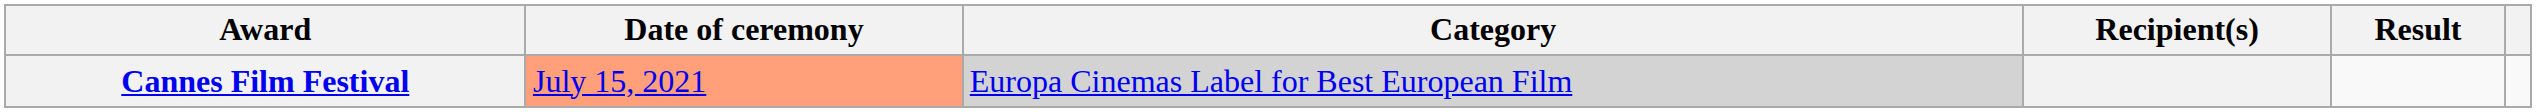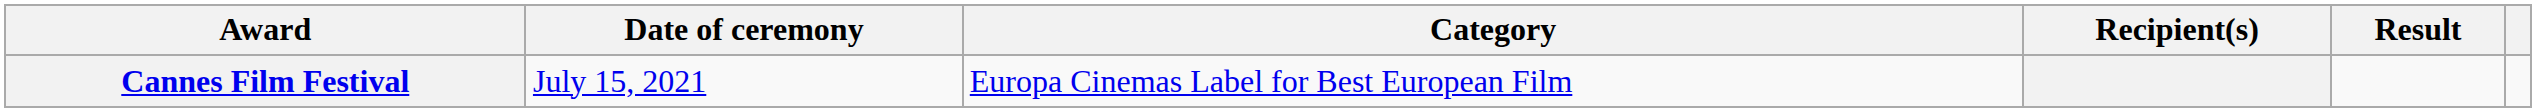 <table class="wikitable sortable plainrowheaders" style="width:100%;">
 <tr>
 <th scope="col">Award</th>
 <th scope="col">Date of ceremony</th>
 <th scope="col">Category</th>
 <th scope="col">Recipient(s)</th>
 <th scope="col">Result</th>
 <th scope="col" class="unsortable"></th>
 </tr>
 <tr>
 <th scope="row"><a href='#'>Cannes Film Festival</a></th>
-<td style="background: lightsalmon;"><a href='#'>July 15, 2021</a></td>
-<td style="background: lightgrey;"><a href='#'>Europa Cinemas Label for Best European Film</a></td>
+<td><a href='#'>July 15, 2021</a></td>
+<td><a href='#'>Europa Cinemas Label for Best European Film</a></td>
 <th></th>
 <td></td>
 <td></td>
 </tr>
 <tr>
 </tr>
 </table>
